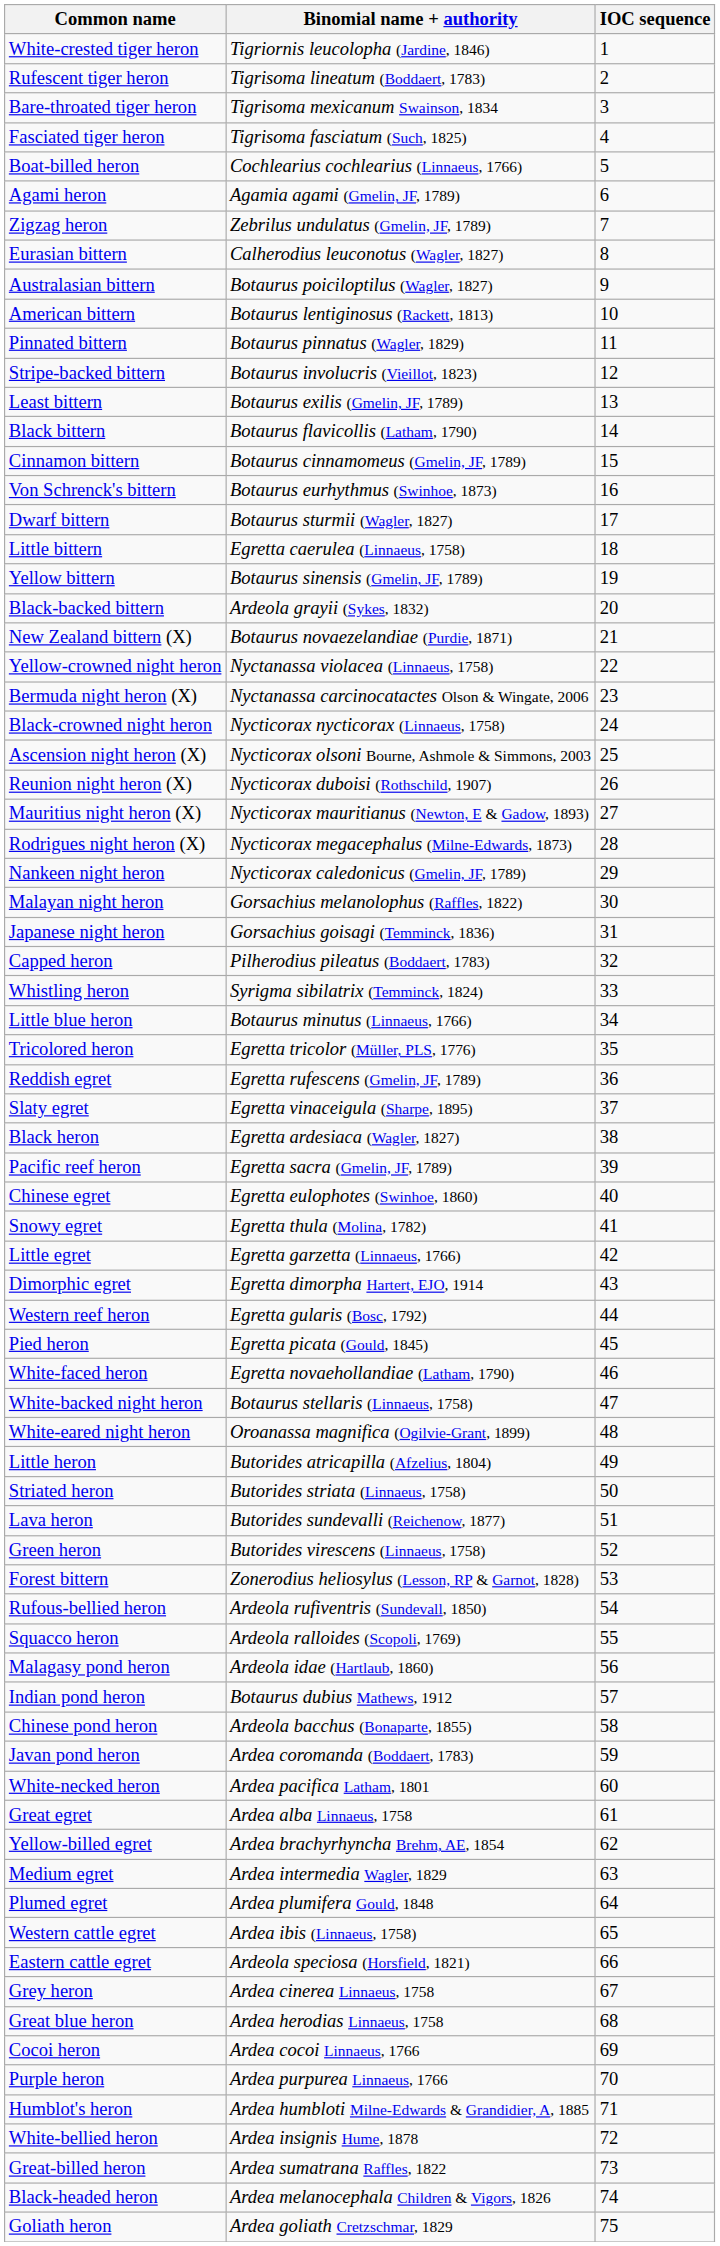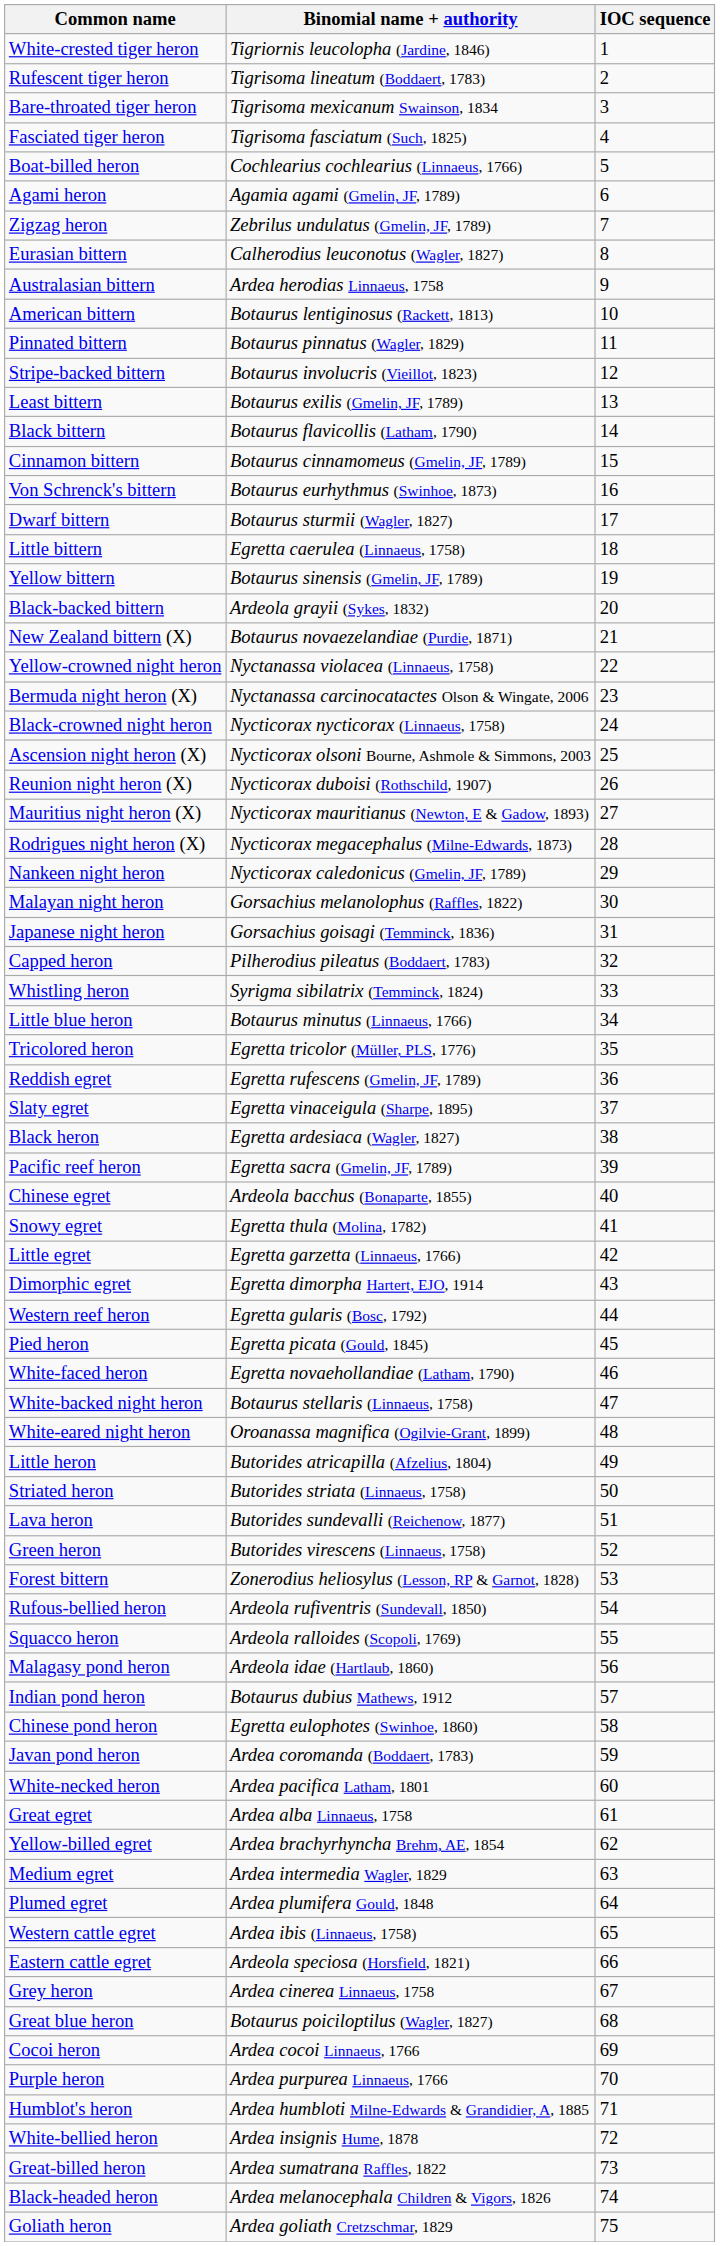 <table class="wikitable sortable">
 <tr>
 <th>Common name</th>
 <th>Binomial name + <a href='#'>authority</a></th>
 <th data-sort-type="number">IOC sequence</th>
 </tr>
 <tr>
 <td><a href='#'>White-crested tiger heron</a></td>
 <td><em>Tigriornis leucolopha</em> <small>(<a href='#'>Jardine</a>, 1846)</small></td>
 <td>1</td>
 </tr>
 <tr>
 <td><a href='#'>Rufescent tiger heron</a></td>
 <td><em>Tigrisoma lineatum</em> <small>(<a href='#'>Boddaert</a>, 1783)</small></td>
 <td>2</td>
 </tr>
 <tr>
 <td><a href='#'>Bare-throated tiger heron</a></td>
 <td><em>Tigrisoma mexicanum</em> <small><a href='#'>Swainson</a>, 1834</small></td>
 <td>3</td>
 </tr>
 <tr>
 <td><a href='#'>Fasciated tiger heron</a></td>
 <td><em>Tigrisoma fasciatum</em> <small>(<a href='#'>Such</a>, 1825)</small></td>
 <td>4</td>
 </tr>
 <tr>
 <td><a href='#'>Boat-billed heron</a></td>
 <td><em>Cochlearius cochlearius</em> <small>(<a href='#'>Linnaeus</a>, 1766)</small></td>
 <td>5</td>
 </tr>
 <tr>
 <td><a href='#'>Agami heron</a></td>
 <td><em>Agamia agami</em> <small>(<a href='#'>Gmelin, JF</a>, 1789)</small></td>
 <td>6</td>
 </tr>
 <tr>
 <td><a href='#'>Zigzag heron</a></td>
 <td><em>Zebrilus undulatus</em> <small>(<a href='#'>Gmelin, JF</a>, 1789)</small></td>
 <td>7</td>
 </tr>
 <tr>
 <td><a href='#'>Eurasian bittern</a></td>
 <td><em>Calherodius leuconotus</em> <small>(<a href='#'>Wagler</a>, 1827)</small></td>
 <td>8</td>
 </tr>
 <tr>
 <td><a href='#'>Australasian bittern</a></td>
-<td><em>Botaurus poiciloptilus</em> <small>(<a href='#'>Wagler</a>, 1827)</small></td>
+<td><em>Ardea herodias</em> <small><a href='#'>Linnaeus</a>, 1758</small></td>
 <td>9</td>
 </tr>
 <tr>
 <td><a href='#'>American bittern</a></td>
 <td><em>Botaurus lentiginosus</em> <small>(<a href='#'>Rackett</a>, 1813)</small></td>
 <td>10</td>
 </tr>
 <tr>
 <td><a href='#'>Pinnated bittern</a></td>
 <td><em>Botaurus pinnatus</em> <small>(<a href='#'>Wagler</a>, 1829)</small></td>
 <td>11</td>
 </tr>
 <tr>
 <td><a href='#'>Stripe-backed bittern</a></td>
 <td><em>Botaurus involucris</em> <small>(<a href='#'>Vieillot</a>, 1823)</small></td>
 <td>12</td>
 </tr>
 <tr>
 <td><a href='#'>Least bittern</a></td>
 <td><em>Botaurus exilis</em> <small>(<a href='#'>Gmelin, JF</a>, 1789)</small></td>
 <td>13</td>
 </tr>
 <tr>
 <td><a href='#'>Black bittern</a></td>
 <td><em>Botaurus flavicollis</em> <small>(<a href='#'>Latham</a>, 1790)</small></td>
 <td>14</td>
 </tr>
 <tr>
 <td><a href='#'>Cinnamon bittern</a></td>
 <td><em>Botaurus cinnamomeus</em> <small>(<a href='#'>Gmelin, JF</a>, 1789)</small></td>
 <td>15</td>
 </tr>
 <tr>
 <td><a href='#'>Von Schrenck's bittern</a></td>
 <td><em>Botaurus eurhythmus</em> <small>(<a href='#'>Swinhoe</a>, 1873)</small></td>
 <td>16</td>
 </tr>
 <tr>
 <td><a href='#'>Dwarf bittern</a></td>
 <td><em>Botaurus sturmii</em> <small>(<a href='#'>Wagler</a>, 1827)</small></td>
 <td>17</td>
 </tr>
 <tr>
 <td><a href='#'>Little bittern</a></td>
 <td><em>Egretta caerulea</em> <small>(<a href='#'>Linnaeus</a>, 1758)</small></td>
 <td>18</td>
 </tr>
 <tr>
 <td><a href='#'>Yellow bittern</a></td>
 <td><em>Botaurus sinensis</em> <small>(<a href='#'>Gmelin, JF</a>, 1789)</small></td>
 <td>19</td>
 </tr>
 <tr>
 <td><a href='#'>Black-backed bittern</a></td>
 <td><em>Ardeola grayii</em> <small>(<a href='#'>Sykes</a>, 1832)</small></td>
 <td>20</td>
 </tr>
 <tr>
 <td><a href='#'>New Zealand bittern</a> (X)</td>
 <td><em>Botaurus novaezelandiae</em> <small>(<a href='#'>Purdie</a>, 1871)</small></td>
 <td>21</td>
 </tr>
 <tr>
 <td><a href='#'>Yellow-crowned night heron</a></td>
 <td><em>Nyctanassa violacea</em> <small>(<a href='#'>Linnaeus</a>, 1758)</small></td>
 <td>22</td>
 </tr>
 <tr>
 <td><a href='#'>Bermuda night heron</a> (X)</td>
 <td><em>Nyctanassa carcinocatactes</em> <small>Olson & Wingate, 2006</small></td>
 <td>23</td>
 </tr>
 <tr>
 <td><a href='#'>Black-crowned night heron</a></td>
 <td><em>Nycticorax nycticorax</em> <small>(<a href='#'>Linnaeus</a>, 1758)</small></td>
 <td>24</td>
 </tr>
 <tr>
 <td><a href='#'>Ascension night heron</a> (X)</td>
 <td><em>Nycticorax olsoni</em> <small>Bourne, Ashmole & Simmons, 2003</small></td>
 <td>25</td>
 </tr>
 <tr>
 <td><a href='#'>Reunion night heron</a> (X)</td>
 <td><em>Nycticorax duboisi</em> <small>(<a href='#'>Rothschild</a>, 1907)</small></td>
 <td>26</td>
 </tr>
 <tr>
 <td><a href='#'>Mauritius night heron</a> (X)</td>
 <td><em>Nycticorax mauritianus</em> <small>(<a href='#'>Newton, E</a> & <a href='#'>Gadow</a>, 1893)</small></td>
 <td>27</td>
 </tr>
 <tr>
 <td><a href='#'>Rodrigues night heron</a> (X)</td>
 <td><em>Nycticorax megacephalus</em> <small>(<a href='#'>Milne-Edwards</a>, 1873)</small></td>
 <td>28</td>
 </tr>
 <tr>
 <td><a href='#'>Nankeen night heron</a></td>
 <td><em>Nycticorax caledonicus</em> <small>(<a href='#'>Gmelin, JF</a>, 1789)</small></td>
 <td>29</td>
 </tr>
 <tr>
 <td><a href='#'>Malayan night heron</a></td>
 <td><em>Gorsachius melanolophus</em> <small>(<a href='#'>Raffles</a>, 1822)</small></td>
 <td>30</td>
 </tr>
 <tr>
 <td><a href='#'>Japanese night heron</a></td>
 <td><em>Gorsachius goisagi</em> <small>(<a href='#'>Temminck</a>, 1836)</small></td>
 <td>31</td>
 </tr>
 <tr>
 <td><a href='#'>Capped heron</a></td>
 <td><em>Pilherodius pileatus</em> <small>(<a href='#'>Boddaert</a>, 1783)</small></td>
 <td>32</td>
 </tr>
 <tr>
 <td><a href='#'>Whistling heron</a></td>
 <td><em>Syrigma sibilatrix</em> <small>(<a href='#'>Temminck</a>, 1824)</small></td>
 <td>33</td>
 </tr>
 <tr>
 <td><a href='#'>Little blue heron</a></td>
 <td><em>Botaurus minutus</em> <small>(<a href='#'>Linnaeus</a>, 1766)</small></td>
 <td>34</td>
 </tr>
 <tr>
 <td><a href='#'>Tricolored heron</a></td>
 <td><em>Egretta tricolor</em> <small>(<a href='#'>Müller, PLS</a>, 1776)</small></td>
 <td>35</td>
 </tr>
 <tr>
 <td><a href='#'>Reddish egret</a></td>
 <td><em>Egretta rufescens</em> <small>(<a href='#'>Gmelin, JF</a>, 1789)</small></td>
 <td>36</td>
 </tr>
 <tr>
 <td><a href='#'>Slaty egret</a></td>
 <td><em>Egretta vinaceigula</em> <small>(<a href='#'>Sharpe</a>, 1895)</small></td>
 <td>37</td>
 </tr>
 <tr>
 <td><a href='#'>Black heron</a></td>
 <td><em>Egretta ardesiaca</em> <small>(<a href='#'>Wagler</a>, 1827)</small></td>
 <td>38</td>
 </tr>
 <tr>
 <td><a href='#'>Pacific reef heron</a></td>
 <td><em>Egretta sacra</em> <small>(<a href='#'>Gmelin, JF</a>, 1789)</small></td>
 <td>39</td>
 </tr>
 <tr>
 <td><a href='#'>Chinese egret</a></td>
-<td><em>Egretta eulophotes</em> <small>(<a href='#'>Swinhoe</a>, 1860)</small></td>
+<td><em>Ardeola bacchus</em> <small>(<a href='#'>Bonaparte</a>, 1855)</small></td>
 <td>40</td>
 </tr>
 <tr>
 <td><a href='#'>Snowy egret</a></td>
 <td><em>Egretta thula</em> <small>(<a href='#'>Molina</a>, 1782)</small></td>
 <td>41</td>
 </tr>
 <tr>
 <td><a href='#'>Little egret</a></td>
 <td><em>Egretta garzetta</em> <small>(<a href='#'>Linnaeus</a>, 1766)</small></td>
 <td>42</td>
 </tr>
 <tr>
 <td><a href='#'>Dimorphic egret</a></td>
 <td><em>Egretta dimorpha</em> <small><a href='#'>Hartert, EJO</a>, 1914</small></td>
 <td>43</td>
 </tr>
 <tr>
 <td><a href='#'>Western reef heron</a></td>
 <td><em>Egretta gularis</em> <small>(<a href='#'>Bosc</a>, 1792)</small></td>
 <td>44</td>
 </tr>
 <tr>
 <td><a href='#'>Pied heron</a></td>
 <td><em>Egretta picata</em> <small>(<a href='#'>Gould</a>, 1845)</small></td>
 <td>45</td>
 </tr>
 <tr>
 <td><a href='#'>White-faced heron</a></td>
 <td><em>Egretta novaehollandiae</em> <small>(<a href='#'>Latham</a>, 1790)</small></td>
 <td>46</td>
 </tr>
 <tr>
 <td><a href='#'>White-backed night heron</a></td>
 <td><em>Botaurus stellaris</em> <small>(<a href='#'>Linnaeus</a>, 1758)</small></td>
 <td>47</td>
 </tr>
 <tr>
 <td><a href='#'>White-eared night heron</a></td>
 <td><em>Oroanassa magnifica</em> <small>(<a href='#'>Ogilvie-Grant</a>, 1899)</small></td>
 <td>48</td>
 </tr>
 <tr>
 <td><a href='#'>Little heron</a></td>
 <td><em>Butorides atricapilla</em> <small>(<a href='#'>Afzelius</a>, 1804)</small></td>
 <td>49</td>
 </tr>
 <tr>
 <td><a href='#'>Striated heron</a></td>
 <td><em>Butorides striata</em> <small>(<a href='#'>Linnaeus</a>, 1758)</small></td>
 <td>50</td>
 </tr>
 <tr>
 <td><a href='#'>Lava heron</a></td>
 <td><em>Butorides sundevalli</em> <small>(<a href='#'>Reichenow</a>, 1877)</small></td>
 <td>51</td>
 </tr>
 <tr>
 <td><a href='#'>Green heron</a></td>
 <td><em>Butorides virescens</em> <small>(<a href='#'>Linnaeus</a>, 1758)</small></td>
 <td>52</td>
 </tr>
 <tr>
 <td><a href='#'>Forest bittern</a></td>
 <td><em>Zonerodius heliosylus</em> <small>(<a href='#'>Lesson, RP</a> & <a href='#'>Garnot</a>, 1828)</small></td>
 <td>53</td>
 </tr>
 <tr>
 <td><a href='#'>Rufous-bellied heron</a></td>
 <td><em>Ardeola rufiventris</em> <small>(<a href='#'>Sundevall</a>, 1850)</small></td>
 <td>54</td>
 </tr>
 <tr>
 <td><a href='#'>Squacco heron</a></td>
 <td><em>Ardeola ralloides</em> <small>(<a href='#'>Scopoli</a>, 1769)</small></td>
 <td>55</td>
 </tr>
 <tr>
 <td><a href='#'>Malagasy pond heron</a></td>
 <td><em>Ardeola idae</em> <small>(<a href='#'>Hartlaub</a>, 1860)</small></td>
 <td>56</td>
 </tr>
 <tr>
 <td><a href='#'>Indian pond heron</a></td>
 <td><em>Botaurus dubius</em> <small><a href='#'>Mathews</a>, 1912</small></td>
 <td>57</td>
 </tr>
 <tr>
 <td><a href='#'>Chinese pond heron</a></td>
-<td><em>Ardeola bacchus</em> <small>(<a href='#'>Bonaparte</a>, 1855)</small></td>
+<td><em>Egretta eulophotes</em> <small>(<a href='#'>Swinhoe</a>, 1860)</small></td>
 <td>58</td>
 </tr>
 <tr>
 <td><a href='#'>Javan pond heron</a></td>
 <td><em>Ardea coromanda</em> <small>(<a href='#'>Boddaert</a>, 1783)</small></td>
 <td>59</td>
 </tr>
 <tr>
 <td><a href='#'>White-necked heron</a></td>
 <td><em>Ardea pacifica</em> <small><a href='#'>Latham</a>, 1801</small></td>
 <td>60</td>
 </tr>
 <tr>
 <td><a href='#'>Great egret</a></td>
 <td><em>Ardea alba</em> <small><a href='#'>Linnaeus</a>, 1758</small></td>
 <td>61</td>
 </tr>
 <tr>
 <td><a href='#'>Yellow-billed egret</a></td>
 <td><em>Ardea brachyrhyncha</em> <small><a href='#'>Brehm, AE</a>, 1854</small></td>
 <td>62</td>
 </tr>
 <tr>
 <td><a href='#'>Medium egret</a></td>
 <td><em>Ardea intermedia</em> <small><a href='#'>Wagler</a>, 1829</small></td>
 <td>63</td>
 </tr>
 <tr>
 <td><a href='#'>Plumed egret</a></td>
 <td><em>Ardea plumifera</em> <small><a href='#'>Gould</a>, 1848</small></td>
 <td>64</td>
 </tr>
 <tr>
 <td><a href='#'>Western cattle egret</a></td>
 <td><em>Ardea ibis</em> <small>(<a href='#'>Linnaeus</a>, 1758)</small></td>
 <td>65</td>
 </tr>
 <tr>
 <td><a href='#'>Eastern cattle egret</a></td>
 <td><em>Ardeola speciosa</em> <small>(<a href='#'>Horsfield</a>, 1821)</small></td>
 <td>66</td>
 </tr>
 <tr>
 <td><a href='#'>Grey heron</a></td>
 <td><em>Ardea cinerea</em> <small><a href='#'>Linnaeus</a>, 1758</small></td>
 <td>67</td>
 </tr>
 <tr>
 <td><a href='#'>Great blue heron</a></td>
-<td><em>Ardea herodias</em> <small><a href='#'>Linnaeus</a>, 1758</small></td>
+<td><em>Botaurus poiciloptilus</em> <small>(<a href='#'>Wagler</a>, 1827)</small></td>
 <td>68</td>
 </tr>
 <tr>
 <td><a href='#'>Cocoi heron</a></td>
 <td><em>Ardea cocoi</em> <small><a href='#'>Linnaeus</a>, 1766</small></td>
 <td>69</td>
 </tr>
 <tr>
 <td><a href='#'>Purple heron</a></td>
 <td><em>Ardea purpurea</em> <small><a href='#'>Linnaeus</a>, 1766</small></td>
 <td>70</td>
 </tr>
 <tr>
 <td><a href='#'>Humblot's heron</a></td>
 <td><em>Ardea humbloti</em> <small><a href='#'>Milne-Edwards</a> & <a href='#'>Grandidier, A</a>, 1885</small></td>
 <td>71</td>
 </tr>
 <tr>
 <td><a href='#'>White-bellied heron</a></td>
 <td><em>Ardea insignis</em> <small><a href='#'>Hume</a>, 1878</small></td>
 <td>72</td>
 </tr>
 <tr>
 <td><a href='#'>Great-billed heron</a></td>
 <td><em>Ardea sumatrana</em> <small><a href='#'>Raffles</a>, 1822</small></td>
 <td>73</td>
 </tr>
 <tr>
 <td><a href='#'>Black-headed heron</a></td>
 <td><em>Ardea melanocephala</em> <small><a href='#'>Children</a> & <a href='#'>Vigors</a>, 1826</small></td>
 <td>74</td>
 </tr>
 <tr>
 <td><a href='#'>Goliath heron</a></td>
 <td><em>Ardea goliath</em> <small><a href='#'>Cretzschmar</a>, 1829</small></td>
 <td>75</td>
 </tr>
 <tr>
 </tr>
 <tr class="sortbottom">
 </tr>
 </table>
